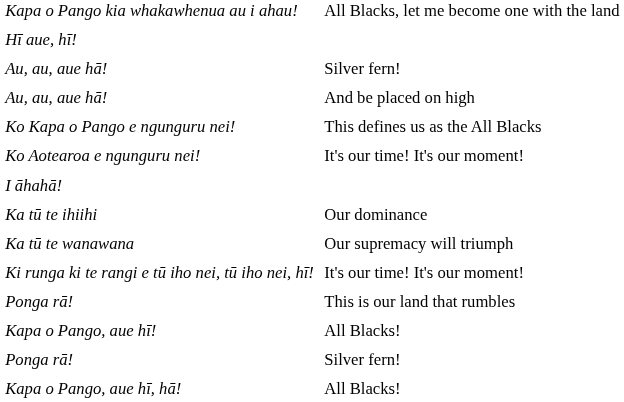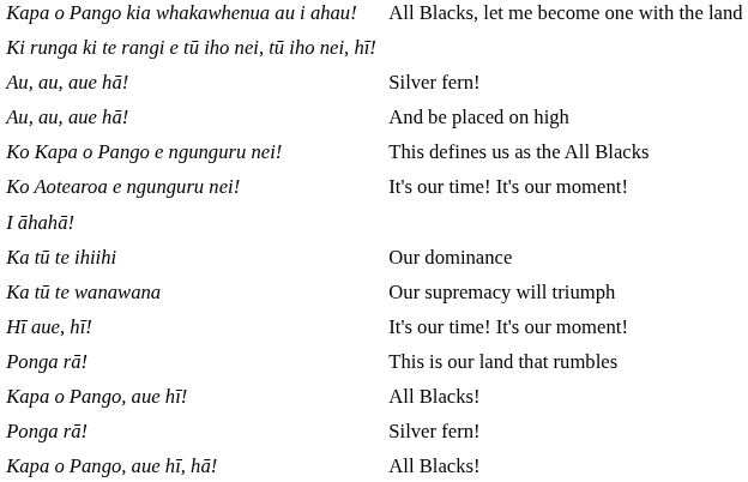 <table border="0" cellpadding="4" cellspacing="2" style="margin-left:3em">
 <tr>
 <td><em>Kapa o Pango kia whakawhenua au i ahau!</em></td>
 <td>All Blacks, let me become one with the land</td>
 </tr>
 <tr>
-<td><em>Hī aue, hī!</em></td>
+<td><em>Ki runga ki te rangi e tū iho nei, tū iho nei, hī!</em></td>
 <td></td>
 </tr>
 <tr>
 <td><em>Au, au, aue hā!</em></td>
 <td>Silver fern!</td>
 </tr>
 <tr>
 <td><em>Au, au, aue hā!</em></td>
 <td>And be placed on high</td>
 </tr>
 <tr>
 <td><em>Ko Kapa o Pango e ngunguru nei!</em></td>
 <td>This defines us as the All Blacks</td>
 </tr>
 <tr>
 <td><em>Ko Aotearoa e ngunguru nei!</em></td>
 <td>It's our time! It's our moment!</td>
 </tr>
 <tr>
 <td><em>I āhahā!</em></td>
 <td></td>
 </tr>
 <tr>
 <td><em>Ka tū te ihiihi</em></td>
 <td>Our dominance</td>
 </tr>
 <tr>
 <td><em>Ka tū te wanawana</em></td>
 <td>Our supremacy will triumph</td>
 </tr>
 <tr>
-<td><em>Ki runga ki te rangi e tū iho nei, tū iho nei, hī!</em></td>
+<td><em>Hī aue, hī!</em></td>
 <td>It's our time! It's our moment!</td>
 </tr>
 <tr>
 <td><em>Ponga rā!</em></td>
 <td>This is our land that rumbles</td>
 </tr>
 <tr>
 <td><em>Kapa o Pango, aue hī!</em></td>
 <td>All Blacks!</td>
 </tr>
 <tr>
 <td><em>Ponga rā!</em></td>
 <td>Silver fern!</td>
 </tr>
 <tr>
 <td><em>Kapa o Pango, aue hī, hā!</em></td>
 <td>All Blacks!</td>
 </tr>
 </table>
